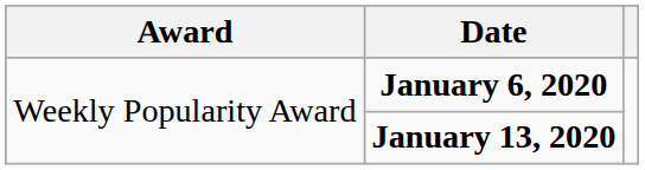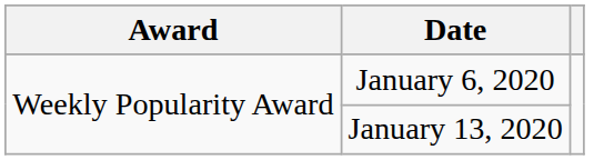 <table class="wikitable" style="text-align:center;">
 <tr>
 <th>Award</th>
 <th>Date</th>
 <th></th>
 </tr>
 <tr>
 <td rowspan="2">Weekly Popularity Award</td>
-<td><strong>January 6, 2020</strong></td>
+<td>January 6, 2020</td>
 <td rowspan="2"></td>
 </tr>
 <tr>
-<td><strong>January 13, 2020</strong></td>
+<td>January 13, 2020</td>
 </tr>
 </table>
